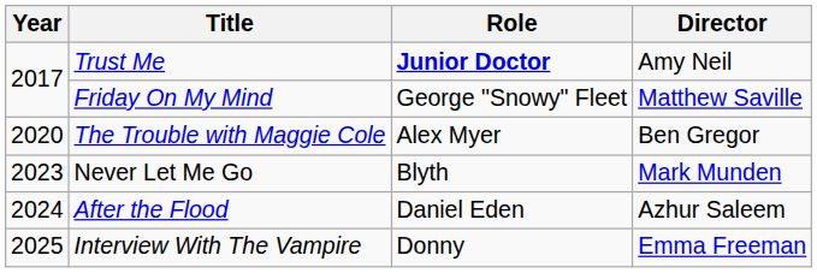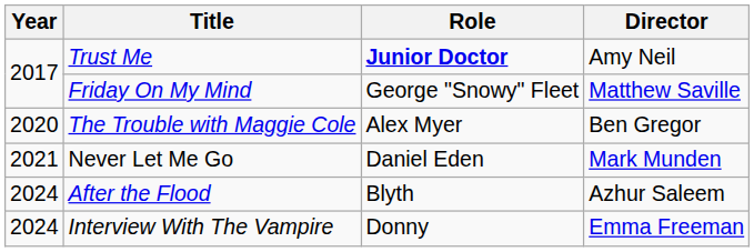 <table class="wikitable">
 <tr>
 <th>Year</th>
 <th>Title</th>
 <th>Role</th>
 <th>Director</th>
 </tr>
 <tr>
 <td rowspan=2>2017</td>
 <td><em><a href='#'>Trust Me</a></em></td>
 <td><strong><a href='#'>Junior Doctor</a></strong></td>
 <td>Amy Neil</td>
 </tr>
 <tr>
 <td><em><a href='#'>Friday On My Mind</a></em></td>
 <td>George "Snowy" Fleet</td>
 <td><a href='#'>Matthew Saville</a></td>
 </tr>
 <tr>
 <td>2020</td>
 <td><em><a href='#'>The Trouble with Maggie Cole</a></em></td>
 <td>Alex Myer</td>
 <td>Ben Gregor</td>
 </tr>
 <tr>
-<td>2023</td>
+<td>2021</td>
 <td>Never Let Me Go</td>
-<td>Blyth</td>
+<td>Daniel Eden</td>
 <td><a href='#'>Mark Munden</a></td>
 </tr>
 <tr>
 <td>2024</td>
 <td><em><a href='#'>After the Flood</a></em></td>
-<td>Daniel Eden</td>
+<td>Blyth</td>
 <td>Azhur Saleem</td>
 </tr>
 <tr>
-<td>2025</td>
+<td>2024</td>
 <td><em>Interview With The Vampire</em></td>
 <td>Donny</td>
 <td><a href='#'>Emma Freeman</a></td>
 </tr>
 </table>
